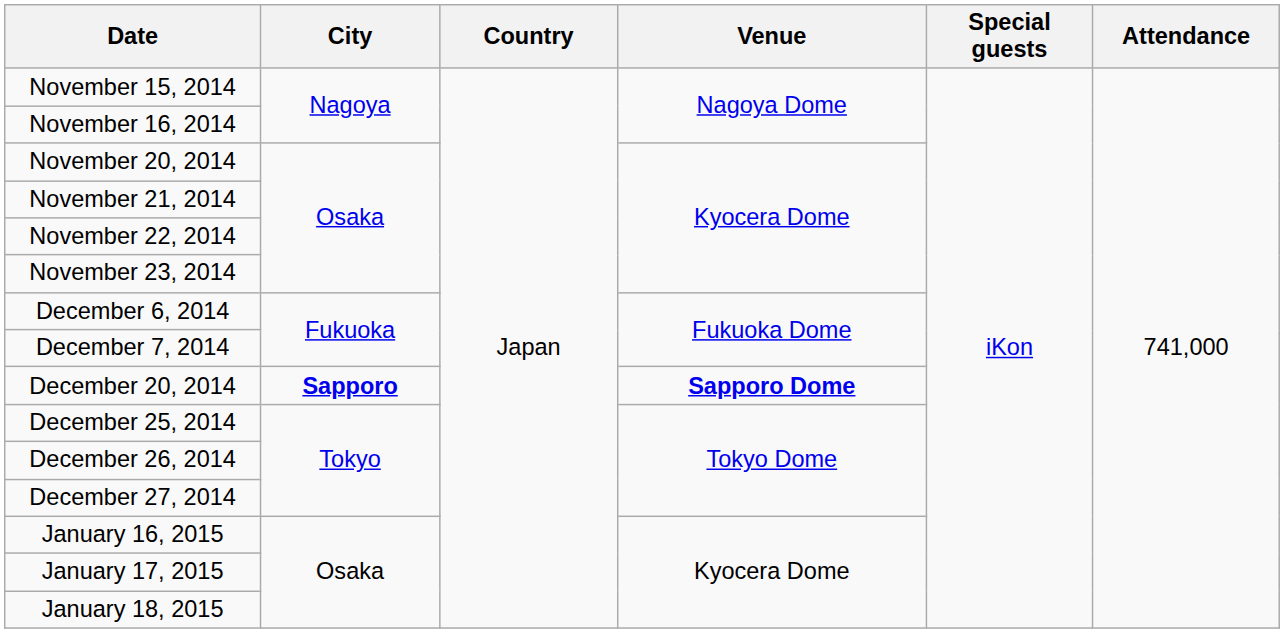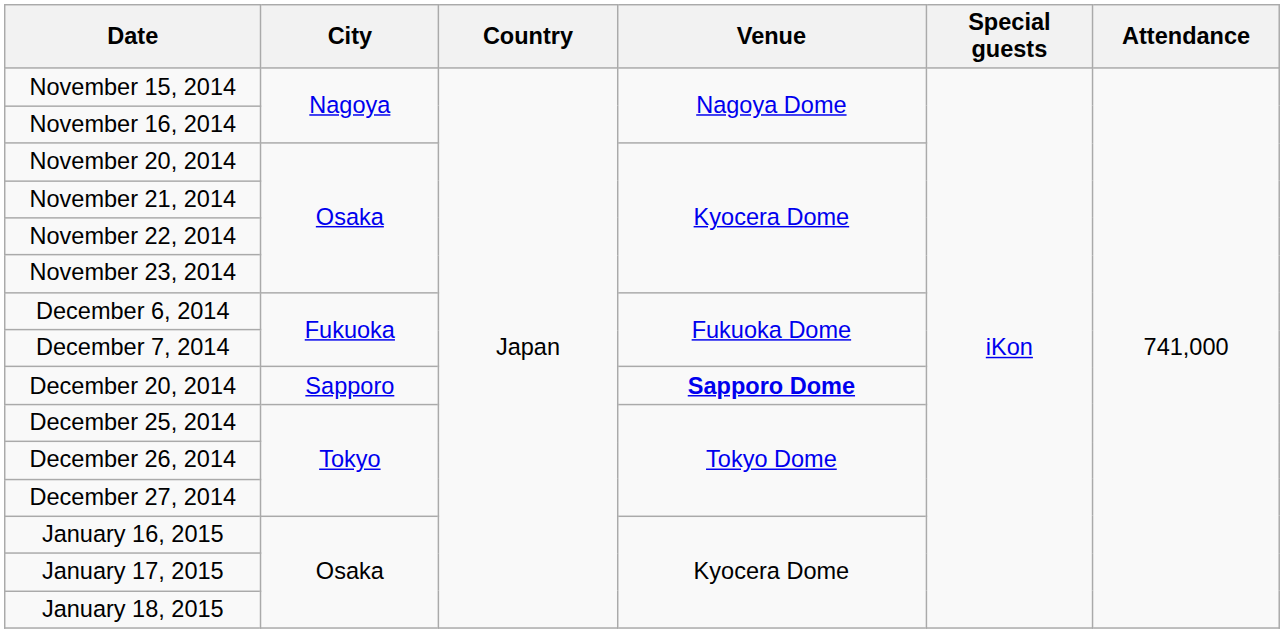 <table class="wikitable" style="text-align:center;">
 <tr>
 <th scope="col" style="width:12em;">Date</th>
 <th scope="col" style="width:8em;">City</th>
 <th scope="col" style="width:8em;">Country</th>
 <th scope="col" style="width:15em;">Venue</th>
 <th scope="col" style="width:7.5em;">Special guests</th>
 <th scope="col" style="width:8em;">Attendance</th>
 </tr>
 <tr>
 <td>November 15, 2014</td>
 <td rowspan=2><a href='#'>Nagoya</a></td>
 <td rowspan=15>Japan</td>
 <td rowspan=2><a href='#'>Nagoya Dome</a></td>
 <td rowspan=15><a href='#'>iKon</a></td>
 <td rowspan=15>741,000</td>
 </tr>
 <tr>
 <td>November 16, 2014</td>
 </tr>
 <tr>
 <td>November 20, 2014</td>
 <td rowspan=4><a href='#'>Osaka</a></td>
 <td rowspan=4><a href='#'>Kyocera Dome</a></td>
 </tr>
 <tr>
 <td>November 21, 2014</td>
 </tr>
 <tr>
 <td>November 22, 2014</td>
 </tr>
 <tr>
 <td>November 23, 2014</td>
 </tr>
 <tr>
 <td>December 6, 2014</td>
 <td rowspan=2><a href='#'>Fukuoka</a></td>
 <td rowspan=2><a href='#'>Fukuoka Dome</a></td>
 </tr>
 <tr>
 <td>December 7, 2014</td>
 </tr>
 <tr>
 <td>December 20, 2014</td>
-<td rowspan=1><strong><a href='#'>Sapporo</a></strong></td>
+<td rowspan=1><a href='#'>Sapporo</a></td>
 <td rowspan=1><strong><a href='#'>Sapporo Dome</a></strong></td>
 </tr>
 <tr>
 <td>December 25, 2014</td>
 <td rowspan=3><a href='#'>Tokyo</a></td>
 <td rowspan=3><a href='#'>Tokyo Dome</a></td>
 </tr>
 <tr>
 <td>December 26, 2014</td>
 </tr>
 <tr>
 <td>December 27, 2014</td>
 </tr>
 <tr>
 <td>January 16, 2015</td>
 <td rowspan=3>Osaka</td>
 <td rowspan=3>Kyocera Dome</td>
 </tr>
 <tr>
 <td>January 17, 2015</td>
 </tr>
 <tr>
 <td>January 18, 2015</td>
 </tr>
 </table>
